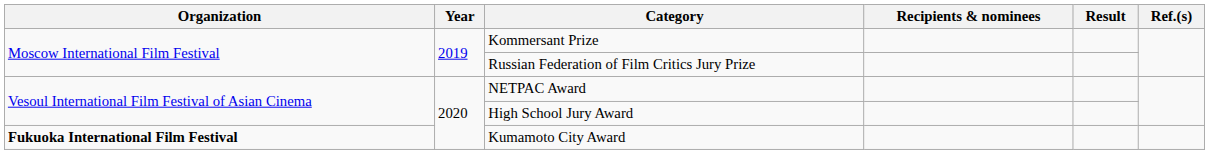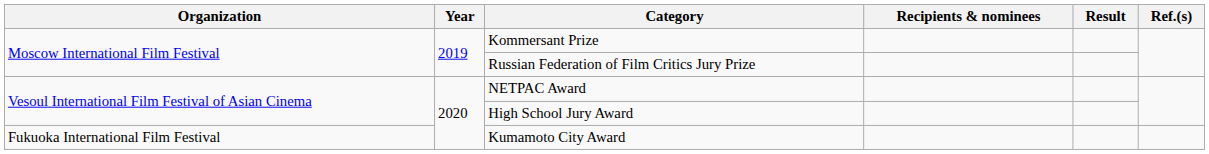 <table class="wikitable sortable" width="99%" style=font-size:96%>
 <tr style="background:#ccc;">
 <th>Organization</th>
 <th>Year</th>
 <th>Category</th>
 <th>Recipients & nominees</th>
 <th>Result</th>
 <th>Ref.(s)</th>
 </tr>
 <tr>
 <td rowspan="2"><a href='#'>Moscow International Film Festival</a></td>
 <td rowspan="2"><a href='#'>2019</a></td>
 <td>Kommersant Prize</td>
 <td></td>
 <td></td>
 <td rowspan="2"></td>
 </tr>
 <tr>
 <td>Russian Federation of Film Critics Jury Prize</td>
 <td></td>
 <td></td>
 </tr>
 <tr>
 <td rowspan="2"><a href='#'>Vesoul International Film Festival of Asian Cinema</a></td>
 <td rowspan="3">2020</td>
 <td>NETPAC Award</td>
 <td></td>
 <td></td>
 <td rowspan="2"></td>
 </tr>
 <tr>
 <td>High School Jury Award</td>
 <td></td>
 <td></td>
 </tr>
 <tr>
-<td><strong>Fukuoka International Film Festival</strong></td>
+<td>Fukuoka International Film Festival</td>
 <td>Kumamoto City Award</td>
 <td></td>
 <td></td>
 <td></td>
 </tr>
 </table>
